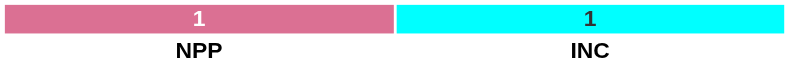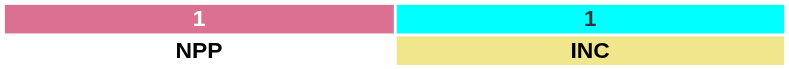 <table style="width:88%; text-align:center;">
 <tr style="color:white;">
 <td style="background:#db7093; width:50%;"><strong>1</strong></td>
 <td style="background:aqua; color:#333; width:50%;"><strong>1</strong></td>
 </tr>
 <tr>
 <td><span><strong>NPP</strong></span></td>
-<td><span><strong>INC</strong></span></td>
+<td style="background: khaki;"><span><strong>INC</strong></span></td>
 </tr>
 </table>
